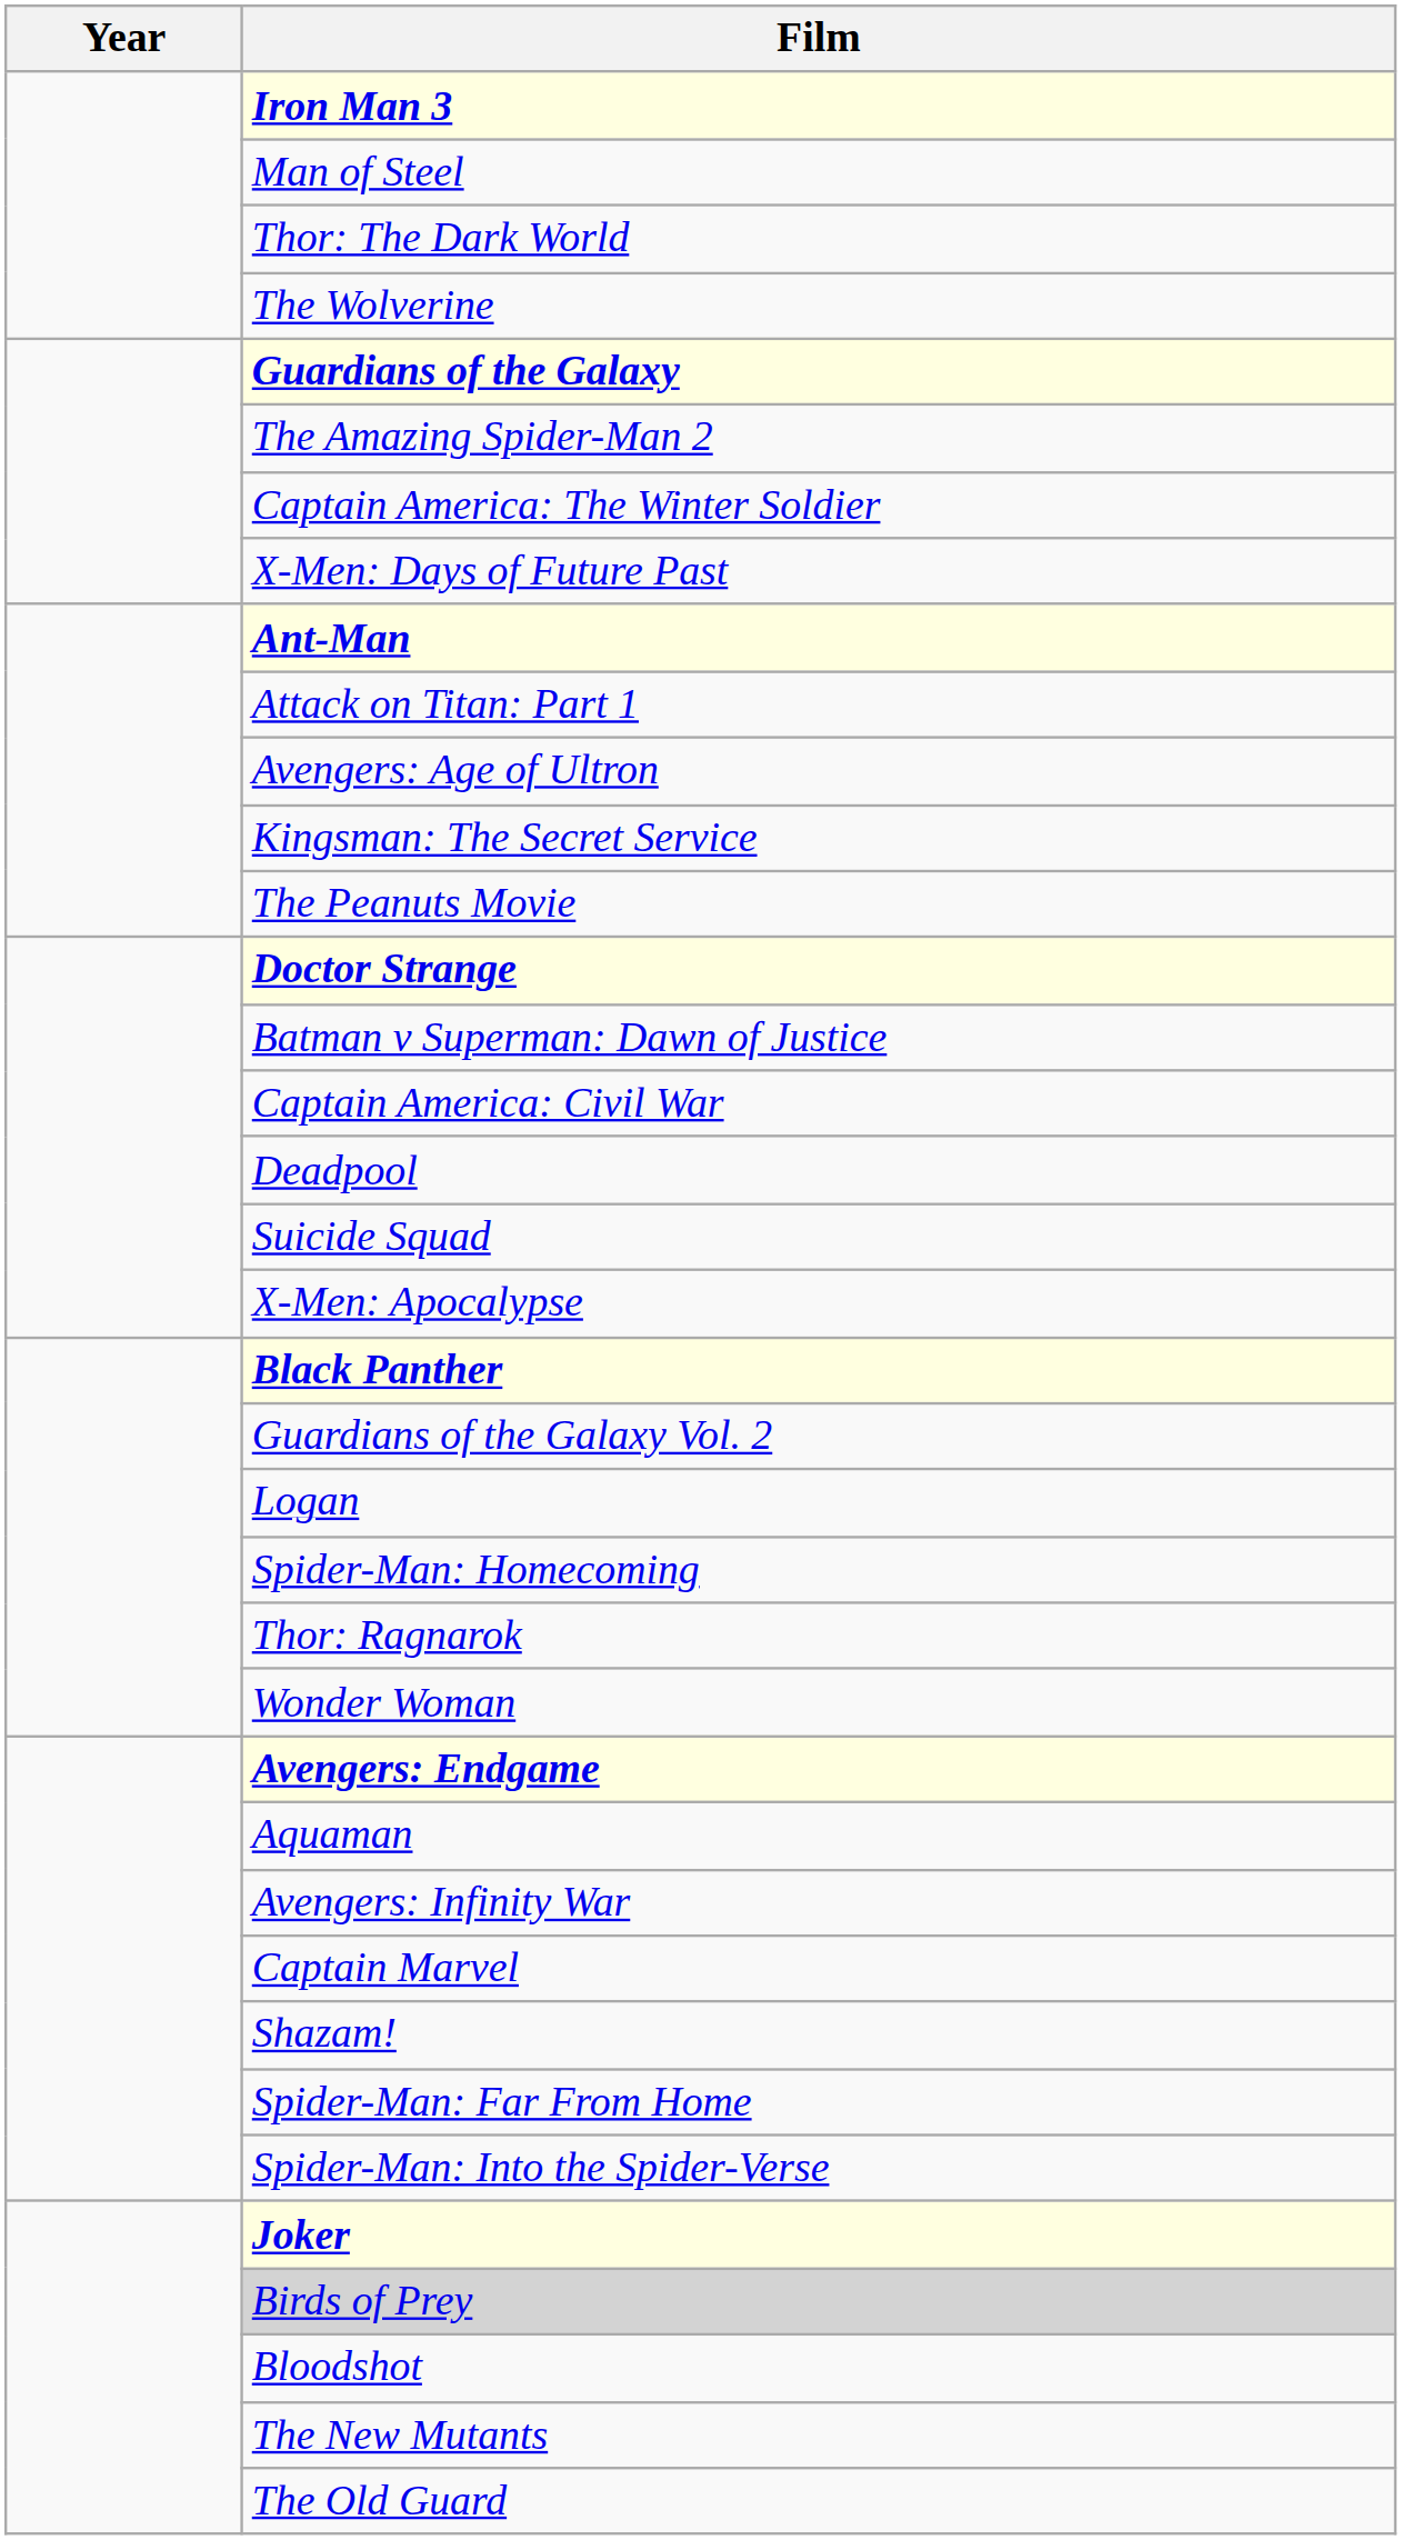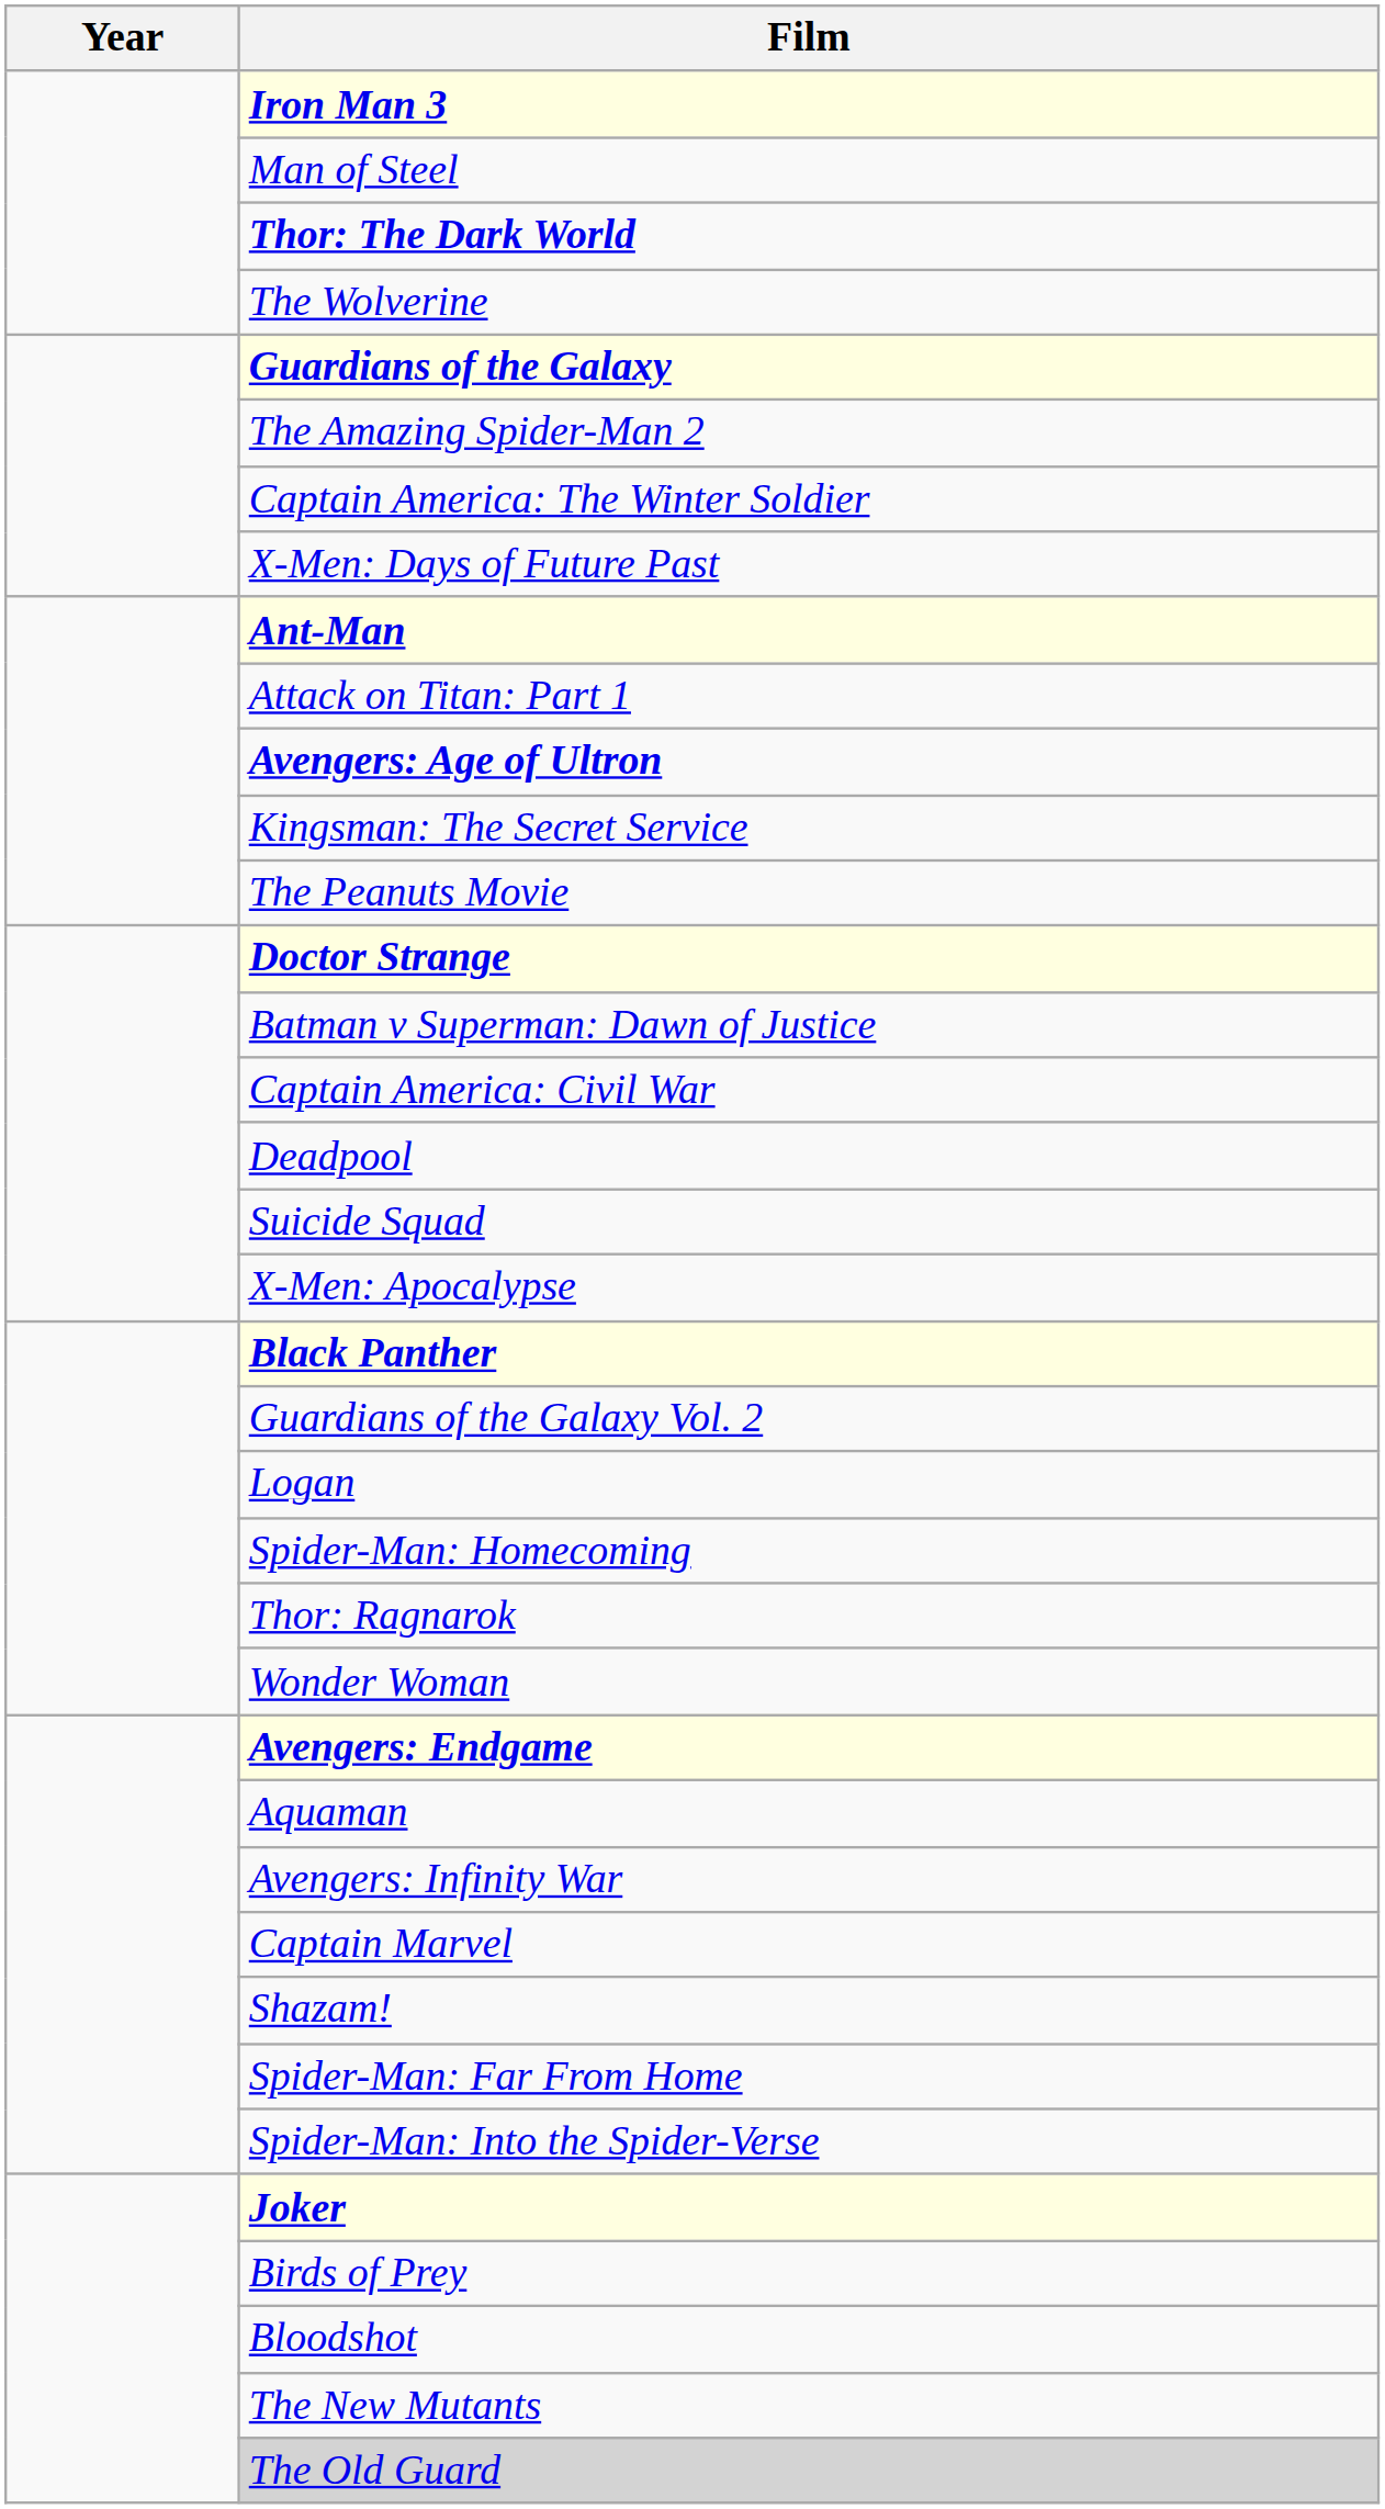 <table class="wikitable" border="1" width="42%">
 <tr>
 <th width=7%>Year</th>
 <th width=35%>Film</th>
 </tr>
 <tr>
 <td rowspan=4></td>
 <td style="background:lightyellow;"><strong><em><a href='#'>Iron Man 3</a></em></strong></td>
 </tr>
 <tr>
 <td><em><a href='#'>Man of Steel</a></em></td>
 </tr>
 <tr>
-<td><em><a href='#'>Thor: The Dark World</a></em></td>
+<td><strong><em><a href='#'>Thor: The Dark World</a></em></strong></td>
 </tr>
 <tr>
 <td><em><a href='#'>The Wolverine</a></em></td>
 </tr>
 <tr>
 <td rowspan=4></td>
 <td style="background:lightyellow;"><strong><em><a href='#'>Guardians of the Galaxy</a></em></strong></td>
 </tr>
 <tr>
 <td><em><a href='#'>The Amazing Spider-Man 2</a></em></td>
 </tr>
 <tr>
 <td><em><a href='#'>Captain America: The Winter Soldier</a></em></td>
 </tr>
 <tr>
 <td><em><a href='#'>X-Men: Days of Future Past</a></em></td>
 </tr>
 <tr>
 <td rowspan=5></td>
 <td style="background:lightyellow;"><strong><em><a href='#'>Ant-Man</a></em></strong></td>
 </tr>
 <tr>
 <td><em><a href='#'>Attack on Titan: Part 1</a></em></td>
 </tr>
 <tr>
-<td><em><a href='#'>Avengers: Age of Ultron</a></em></td>
+<td><strong><em><a href='#'>Avengers: Age of Ultron</a></em></strong></td>
 </tr>
 <tr>
 <td><em><a href='#'>Kingsman: The Secret Service</a></em></td>
 </tr>
 <tr>
 <td><em><a href='#'>The Peanuts Movie</a></em></td>
 </tr>
 <tr>
 <td rowspan=6></td>
 <td style="background:lightyellow;"><strong><em><a href='#'>Doctor Strange</a></em></strong></td>
 </tr>
 <tr>
 <td><em><a href='#'>Batman v Superman: Dawn of Justice</a></em></td>
 </tr>
 <tr>
 <td><em><a href='#'>Captain America: Civil War</a></em></td>
 </tr>
 <tr>
 <td><em><a href='#'>Deadpool</a></em></td>
 </tr>
 <tr>
 <td><em><a href='#'>Suicide Squad</a></em></td>
 </tr>
 <tr>
 <td><em><a href='#'>X-Men: Apocalypse</a></em></td>
 </tr>
 <tr>
 <td rowspan=6></td>
 <td style="background:lightyellow;"><strong><em><a href='#'>Black Panther</a></em></strong></td>
 </tr>
 <tr>
 <td><em><a href='#'>Guardians of the Galaxy Vol. 2</a></em></td>
 </tr>
 <tr>
 <td><em><a href='#'>Logan</a></em></td>
 </tr>
 <tr>
 <td><em><a href='#'>Spider-Man: Homecoming</a></em></td>
 </tr>
 <tr>
 <td><em><a href='#'>Thor: Ragnarok</a></em></td>
 </tr>
 <tr>
 <td><em><a href='#'>Wonder Woman</a></em></td>
 </tr>
 <tr>
 <td rowspan=7></td>
 <td style="background:lightyellow;"><strong><em><a href='#'>Avengers: Endgame</a></em></strong></td>
 </tr>
 <tr>
 <td><em><a href='#'>Aquaman</a></em></td>
 </tr>
 <tr>
 <td><em><a href='#'>Avengers: Infinity War</a></em></td>
 </tr>
 <tr>
 <td><em><a href='#'>Captain Marvel</a></em></td>
 </tr>
 <tr>
 <td><em><a href='#'>Shazam!</a></em></td>
 </tr>
 <tr>
 <td><em><a href='#'>Spider-Man: Far From Home</a></em></td>
 </tr>
 <tr>
 <td><em><a href='#'>Spider-Man: Into the Spider-Verse</a></em></td>
 </tr>
 <tr>
 <td rowspan=5></td>
 <td style="background:lightyellow;"><strong><em><a href='#'>Joker</a></em></strong></td>
 </tr>
 <tr>
-<td style="background: lightgrey;"><em><a href='#'>Birds of Prey</a></em></td>
+<td><em><a href='#'>Birds of Prey</a></em></td>
 </tr>
 <tr>
 <td><em><a href='#'>Bloodshot</a></em></td>
 </tr>
 <tr>
 <td><em><a href='#'>The New Mutants</a></em></td>
 </tr>
 <tr>
-<td><em><a href='#'>The Old Guard</a></em></td>
+<td style="background: lightgrey;"><em><a href='#'>The Old Guard</a></em></td>
 </tr>
 </table>
